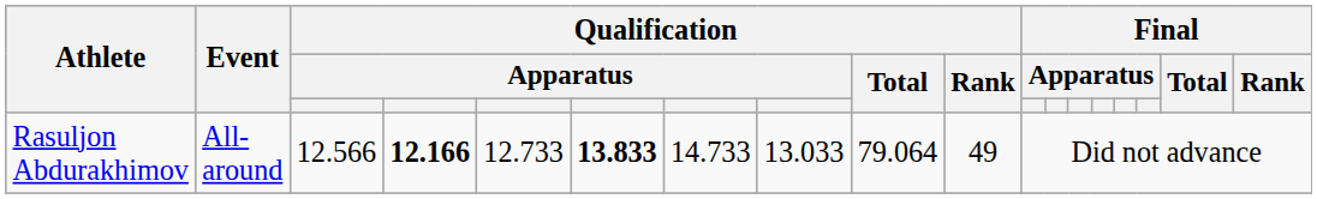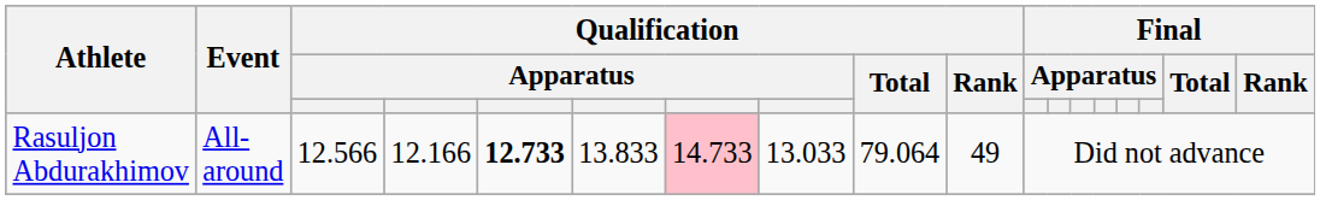 <table class="wikitable" style="font-size:90%">
 <tr>
 <th rowspan=3>Athlete</th>
 <th rowspan=3>Event</th>
 <th colspan =8>Qualification</th>
 <th colspan =8>Final</th>
 </tr>
 <tr style="font-size:95%">
 <th colspan=6>Apparatus</th>
 <th rowspan=2>Total</th>
 <th rowspan=2>Rank</th>
 <th colspan=6>Apparatus</th>
 <th rowspan=2>Total</th>
 <th rowspan=2>Rank</th>
 </tr>
 <tr style="font-size:95%">
 <th></th>
 <th></th>
 <th></th>
 <th></th>
 <th></th>
 <th></th>
 <th></th>
 <th></th>
 <th></th>
 <th></th>
 <th></th>
 <th></th>
 </tr>
 <tr align=center>
 <td align=left><a href='#'>Rasuljon Abdurakhimov</a></td>
 <td align=left><a href='#'>All-around</a></td>
 <td>12.566</td>
-<td><strong>12.166</strong></td>
-<td>12.733</td>
-<td><strong>13.833</strong></td>
-<td>14.733</td>
+<td>12.166</td>
+<td><strong>12.733</strong></td>
+<td>13.833</td>
+<td style="background: pink;">14.733</td>
 <td>13.033</td>
 <td>79.064</td>
 <td>49</td>
 <td colspan=8>Did not advance</td>
 </tr>
 </table>
